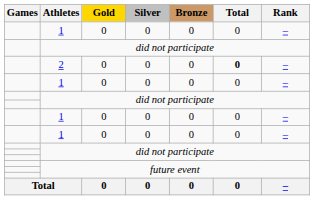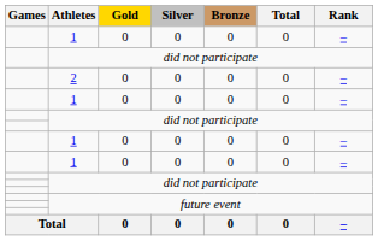 <table class="wikitable" style="text-align:center; font-size:90%;">
 <tr>
 <th>Games</th>
 <th>Athletes</th>
 <td style="background:gold; width:3.7em; font-weight:bold;">Gold</td>
 <td style="background:silver; width:3.7em; font-weight:bold;">Silver</td>
 <td style="background:#cc9966; width:3.7em; font-weight:bold;">Bronze</td>
 <th style="width:4.1em; font-weight:bold;">Total</th>
 <th style="width:4.1em; font-weight:bold;">Rank</th>
 </tr>
 <tr>
 <td align=left></td>
 <td><a href='#'>1</a></td>
 <td>0</td>
 <td>0</td>
 <td>0</td>
 <td>0</td>
 <td><a href='#'>–</a></td>
 </tr>
 <tr>
 <td align=left></td>
 <td colspan=6><em>did not participate</em></td>
 </tr>
 <tr>
 <td align=left></td>
 <td><a href='#'>2</a></td>
 <td>0</td>
 <td>0</td>
 <td>0</td>
-<td><strong>0</strong></td>
+<td>0</td>
 <td><a href='#'>–</a></td>
 </tr>
 <tr>
 <td align=left></td>
 <td><a href='#'>1</a></td>
 <td>0</td>
 <td>0</td>
 <td>0</td>
 <td>0</td>
 <td><a href='#'>–</a></td>
 </tr>
 <tr>
 <td align=left></td>
 <td colspan=6; rowspan=2><em>did not participate</em></td>
 </tr>
 <tr>
 <td align=left></td>
 </tr>
 <tr>
 <td align=left></td>
 <td><a href='#'>1</a></td>
 <td>0</td>
 <td>0</td>
 <td>0</td>
 <td>0</td>
 <td><a href='#'>–</a></td>
 </tr>
 <tr>
 <td align=left></td>
 <td><a href='#'>1</a></td>
 <td>0</td>
 <td>0</td>
 <td>0</td>
 <td>0</td>
 <td><a href='#'>–</a></td>
 </tr>
 <tr>
 <td align=left></td>
 <td colspan=6; rowspan=3><em>did not participate</em></td>
 </tr>
 <tr>
 <td align=left></td>
 </tr>
 <tr>
 <td align=left></td>
 </tr>
 <tr>
 <td align=left></td>
 <td rowspan=3 colspan=6><em>future event</em></td>
 </tr>
 <tr>
 <td align=left></td>
 </tr>
 <tr>
 <td align=left></td>
 </tr>
 <tr>
 <th colspan=2>Total</th>
 <th>0</th>
 <th>0</th>
 <th>0</th>
 <th>0</th>
 <th><a href='#'>–</a></th>
 </tr>
 </table>
